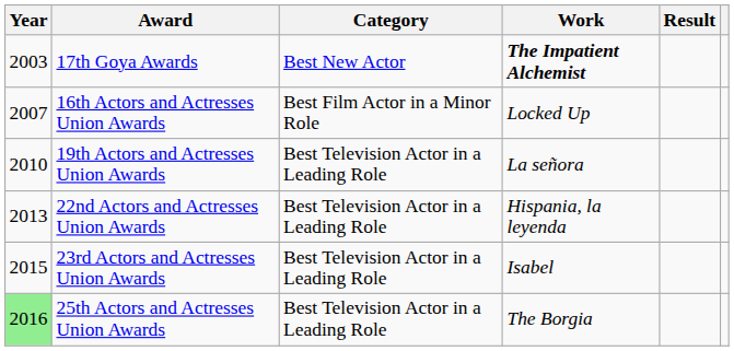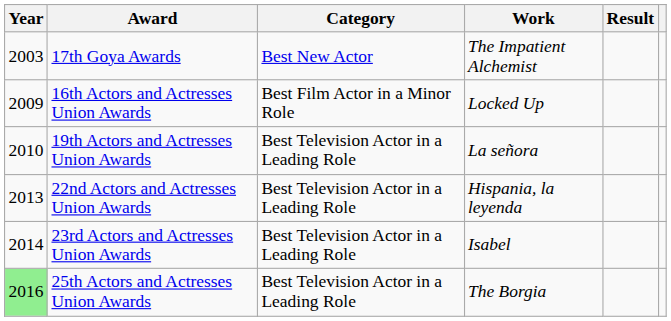 <table class="wikitable sortable">
 <tr>
 <th>Year</th>
 <th>Award</th>
 <th>Category</th>
 <th>Work</th>
 <th>Result</th>
 <th scope="col" class="unsortable"></th>
 </tr>
 <tr>
 <td align = "center">2003</td>
 <td><a href='#'>17th Goya Awards</a></td>
 <td><a href='#'>Best New Actor</a></td>
-<td><strong><em>The Impatient Alchemist</em></strong></td>
+<td><em>The Impatient Alchemist</em></td>
 <td></td>
 <td align="center"></td>
 </tr>
 <tr>
-<td align = "center">2007</td>
+<td align = "center">2009</td>
 <td><a href='#'>16th Actors and Actresses Union Awards</a></td>
 <td>Best Film Actor in a Minor Role</td>
 <td><em>Locked Up</em></td>
 <td></td>
 <td align = "center"></td>
 </tr>
 <tr>
 <td align = "center">2010</td>
 <td><a href='#'>19th Actors and Actresses Union Awards</a></td>
 <td>Best Television Actor in a Leading Role</td>
 <td><em>La señora</em></td>
 <td></td>
 <td align = "center"></td>
 </tr>
 <tr>
 <td align = "center">2013</td>
 <td><a href='#'>22nd Actors and Actresses Union Awards</a></td>
 <td>Best Television Actor in a Leading Role</td>
 <td><em>Hispania, la leyenda</em></td>
 <td></td>
 <td align = "center"></td>
 </tr>
 <tr>
-<td align = "center">2015</td>
+<td align = "center">2014</td>
 <td><a href='#'>23rd Actors and Actresses Union Awards</a></td>
 <td>Best Television Actor in a Leading Role</td>
 <td><em>Isabel</em></td>
 <td></td>
 <td align = "center"></td>
 </tr>
 <tr>
 <td align = "center" style="background: lightgreen;">2016</td>
 <td><a href='#'>25th Actors and Actresses Union Awards</a></td>
 <td>Best Television Actor in a Leading Role</td>
 <td><em>The Borgia</em></td>
 <td></td>
 <td align = "center"></td>
 </tr>
 </table>
